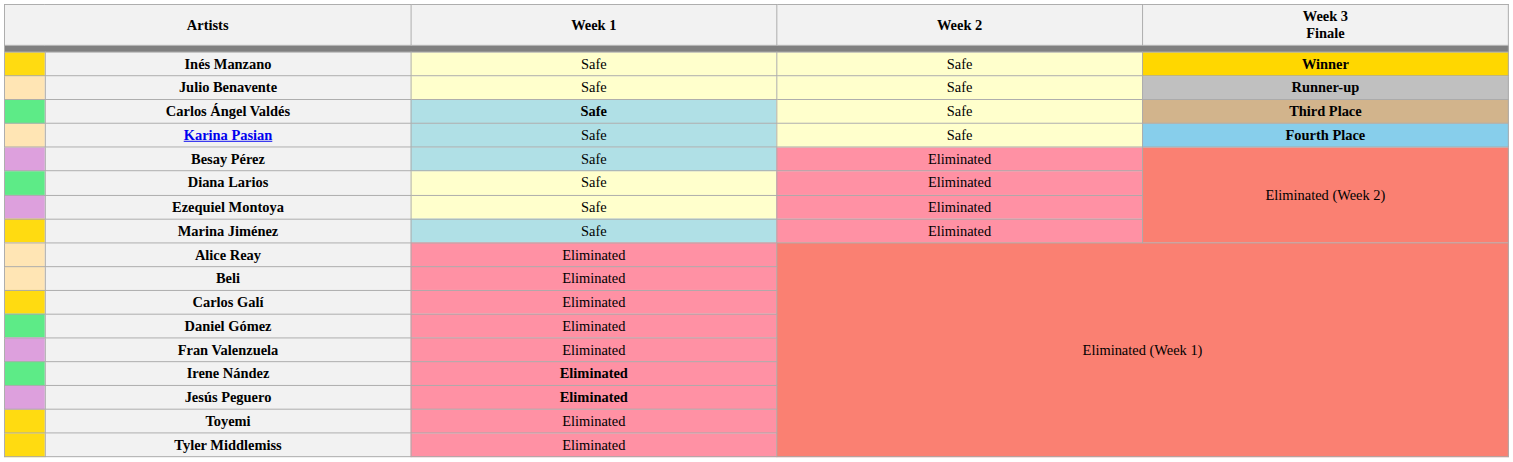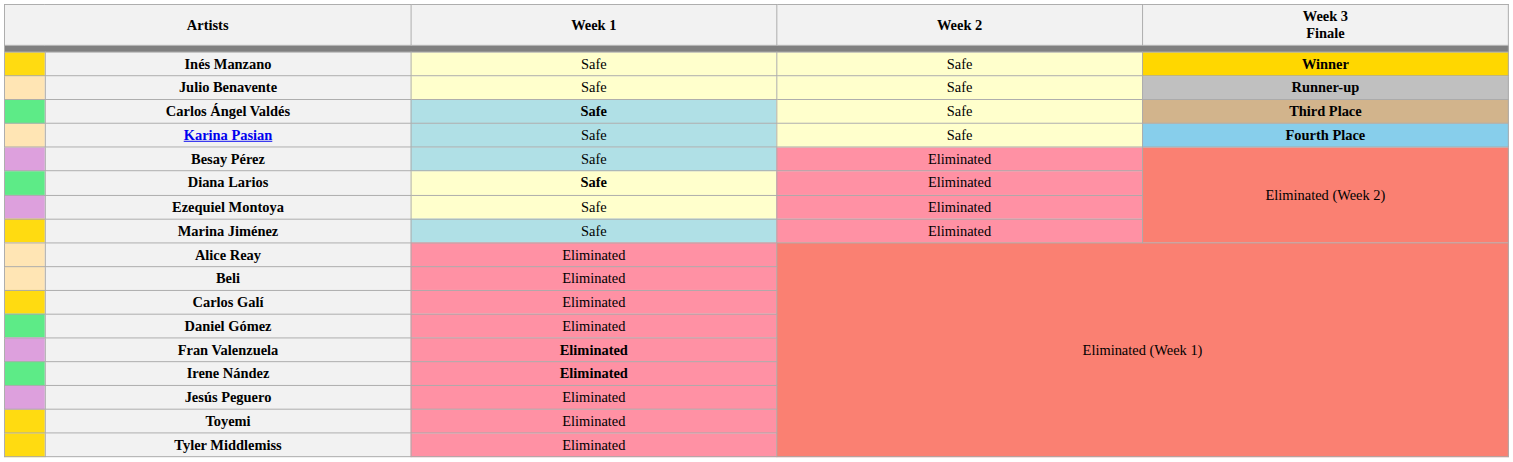 <table class="wikitable" style="text-align:center; font-size:95%; width:100%">
 <tr>
 <th colspan="2" style="width:20%">Artists</th>
 <th style="width:18%">Week 1</th>
 <th style="width:18%">Week 2</th>
 <th style="width:18%">Week 3<br>Finale</th>
 </tr>
 <tr>
 <th colspan="6" style="background:gray"></th>
 </tr>
 <tr>
 <th style="background:#ffdb11; width:02%"></th>
 <th>Inés Manzano</th>
 <td style="background:#FFFFCC">Safe</td>
 <td style="background:#FFFFCC">Safe</td>
 <td style="background:gold"><strong>Winner</strong></td>
 </tr>
 <tr>
 <th style="background:#ffe5b4"></th>
 <th>Julio Benavente</th>
 <td style="background:#FFFFCC">Safe</td>
 <td style="background:#FFFFCC">Safe</td>
 <td style="background:silver"><strong>Runner-up</strong></td>
 </tr>
 <tr>
 <th style="background:#5deb87"></th>
 <th>Carlos Ángel Valdés</th>
 <td style="background:#b0e0e6"><strong>Safe</strong></td>
 <td style="background:#FFFFCC">Safe</td>
 <td style="background:tan"><strong>Third Place</strong></td>
 </tr>
 <tr>
 <th style="background:#ffe5b4"></th>
 <th><a href='#'>Karina Pasian</a></th>
 <td style="background:#b0e0e6">Safe</td>
 <td style="background:#FFFFCC">Safe</td>
 <td style="background:skyblue"><strong>Fourth Place</strong></td>
 </tr>
 <tr>
 <th style="background:#dda0dd"></th>
 <th>Besay Pérez</th>
 <td style="background:#b0e0e6">Safe</td>
 <td style="background:#FF91A4">Eliminated</td>
 <td style="background: salmon" colspan="2" rowspan="4">Eliminated (Week 2)</td>
 </tr>
 <tr>
 <th style="background:#5deb87"></th>
 <th>Diana Larios</th>
-<td style="background:#FFFFCC">Safe</td>
+<td style="background:#FFFFCC"><strong>Safe</strong></td>
 <td style="background:#FF91A4">Eliminated</td>
 </tr>
 <tr>
 <th style="background:#dda0dd"></th>
 <th>Ezequiel Montoya</th>
 <td style="background:#FFFFCC">Safe</td>
 <td style="background:#FF91A4">Eliminated</td>
 </tr>
 <tr>
 <th style="background:#ffdb11"></th>
 <th>Marina Jiménez</th>
 <td style="background:#b0e0e6">Safe</td>
 <td style="background:#FF91A4">Eliminated</td>
 </tr>
 <tr>
 <th style="background:#ffe5b4"></th>
 <th>Alice Reay</th>
 <td style="background:#FF91A4">Eliminated</td>
 <td style="background: salmon" colspan="2" rowspan="9">Eliminated (Week 1)</td>
 </tr>
 <tr>
 <th style="background:#ffe5b4"></th>
 <th>Beli</th>
 <td style="background:#FF91A4">Eliminated</td>
 </tr>
 <tr>
 <th style="background:#ffdb11"></th>
 <th>Carlos Galí</th>
 <td style="background:#FF91A4">Eliminated</td>
 </tr>
 <tr>
 <th style="background:#5deb87"></th>
 <th>Daniel Gómez</th>
 <td style="background:#FF91A4">Eliminated</td>
 </tr>
 <tr>
 <th style="background:#dda0dd"></th>
 <th>Fran Valenzuela</th>
-<td style="background:#FF91A4">Eliminated</td>
+<td style="background:#FF91A4"><strong>Eliminated</strong></td>
 </tr>
 <tr>
 <th style="background:#5deb87"></th>
 <th>Irene Nández</th>
 <td style="background:#FF91A4"><strong>Eliminated</strong></td>
 </tr>
 <tr>
 <th style="background:#dda0dd"></th>
 <th>Jesús Peguero</th>
-<td style="background:#FF91A4"><strong>Eliminated</strong></td>
+<td style="background:#FF91A4">Eliminated</td>
 </tr>
 <tr>
 <th style="background:#ffdb11"></th>
 <th>Toyemi</th>
 <td style="background:#FF91A4">Eliminated</td>
 </tr>
 <tr>
 <th style="background:#ffdb11"></th>
 <th>Tyler Middlemiss</th>
 <td style="background:#FF91A4">Eliminated</td>
 </tr>
 </table>
